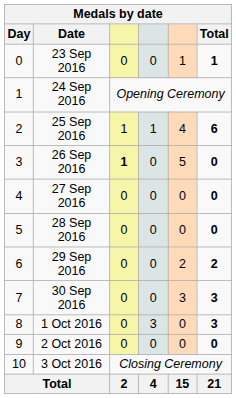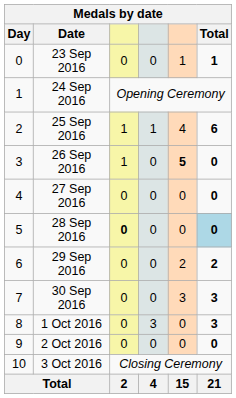 <table class="wikitable" style="font-size:100%; text-align:center;">
 <tr style="background:#efefef;">
 <th colspan=6><strong>Medals by date</strong></th>
 </tr>
 <tr>
 <th width=30><strong>Day</strong></th>
 <th width=90><strong>Date</strong></th>
 <th width=30 style="background:#F7F6A8;"></th>
 <th width=30 style="background:#DCE5E5;"></th>
 <th width=30 style="background:#FFDAB9;"></th>
 <th width=30><strong>Total</strong></th>
 </tr>
 <tr>
 <td>0</td>
 <td>23 Sep 2016</td>
 <td style="background:#F7F6A8;">0</td>
 <td style="background:#DCE5E5;">0</td>
 <td style="background:#FFDAB9;">1</td>
 <td><strong>1</strong></td>
 </tr>
 <tr>
 <td>1</td>
 <td>24 Sep 2016</td>
 <td colspan=4><em>Opening Ceremony</em></td>
 </tr>
 <tr>
 <td>2</td>
 <td>25 Sep 2016</td>
 <td style="background:#F7F6A8;">1</td>
 <td style="background:#DCE5E5;">1</td>
 <td style="background:#FFDAB9;">4</td>
 <td><strong>6</strong></td>
 </tr>
 <tr>
 <td>3</td>
 <td>26 Sep 2016</td>
-<td style="background:#F7F6A8;"><strong>1</strong></td>
+<td style="background:#F7F6A8;">1</td>
 <td style="background:#DCE5E5;">0</td>
-<td style="background:#FFDAB9;">5</td>
+<td style="background:#FFDAB9;"><strong>5</strong></td>
 <td><strong>0</strong></td>
 </tr>
 <tr>
 <td>4</td>
 <td>27 Sep 2016</td>
 <td style="background:#F7F6A8;">0</td>
 <td style="background:#DCE5E5;">0</td>
 <td style="background:#FFDAB9;">0</td>
 <td><strong>0</strong></td>
 </tr>
 <tr>
 <td>5</td>
 <td>28 Sep 2016</td>
-<td style="background:#F7F6A8;">0</td>
+<td style="background:#F7F6A8;"><strong>0</strong></td>
 <td style="background:#DCE5E5;">0</td>
 <td style="background:#FFDAB9;">0</td>
-<td><strong>0</strong></td>
+<td style="background: lightblue;"><strong>0</strong></td>
 </tr>
 <tr>
 <td>6</td>
 <td>29 Sep 2016</td>
 <td style="background:#F7F6A8;">0</td>
 <td style="background:#DCE5E5;">0</td>
 <td style="background:#FFDAB9;">2</td>
 <td><strong>2</strong></td>
 </tr>
 <tr>
 <td>7</td>
 <td>30 Sep 2016</td>
 <td style="background:#F7F6A8;">0</td>
 <td style="background:#DCE5E5;">0</td>
 <td style="background:#FFDAB9;">3</td>
 <td><strong>3</strong></td>
 </tr>
 <tr>
 <td>8</td>
 <td>1 Oct 2016</td>
 <td style="background:#F7F6A8;">0</td>
 <td style="background:#DCE5E5;">3</td>
 <td style="background:#FFDAB9;">0</td>
 <td><strong>3</strong></td>
 </tr>
 <tr>
 <td>9</td>
 <td>2 Oct 2016</td>
 <td style="background:#F7F6A8;">0</td>
 <td style="background:#DCE5E5;">0</td>
 <td style="background:#FFDAB9;">0</td>
 <td><strong>0</strong></td>
 </tr>
 <tr>
 <td>10</td>
 <td>3 Oct 2016</td>
 <td colspan=4><em>Closing Ceremony</em></td>
 </tr>
 <tr>
 <th colspan="2"><strong>Total</strong></th>
 <th><strong>2</strong></th>
 <th><strong>4</strong></th>
 <th><strong>15</strong></th>
 <th><strong>21</strong></th>
 </tr>
 </table>
